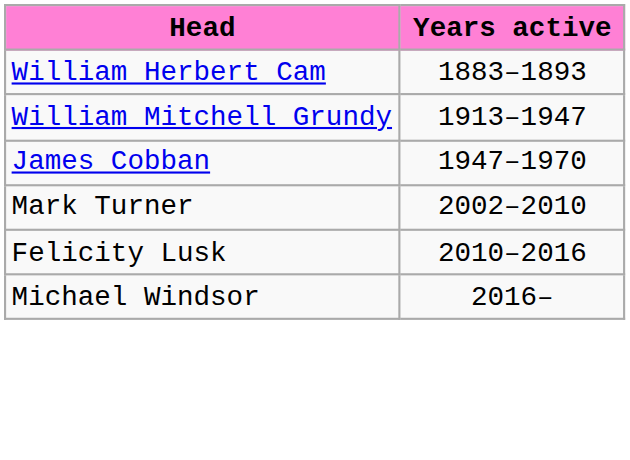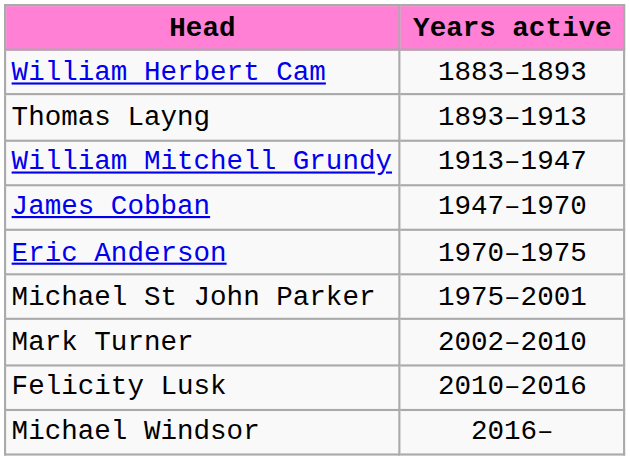 <table class="wikitable" style="font-size: 100%;">
 <tr>
 <th width=180 style="background: #ff80d5;">Head</th>
 <th width=100 style="background: #ff80d5;">Years active</th>
 </tr>
 <tr align=center>
 <td align="left"><a href='#'>William Herbert Cam</a></td>
 <td>1883–1893</td>
 </tr>
 <tr align=center>
+<td align="left">Thomas Layng</td>
+<td>1893–1913</td>
+</tr>
+<tr align=center>
 <td align="left"><a href='#'>William Mitchell Grundy</a></td>
 <td>1913–1947</td>
 </tr>
 <tr align=center>
 <td align="left"><a href='#'>James Cobban</a></td>
 <td>1947–1970</td>
+</tr>
+<tr align=center>
+<td align="left"><a href='#'>Eric Anderson</a></td>
+<td>1970–1975</td>
+</tr>
+<tr align=center>
+<td align="left">Michael St John Parker</td>
+<td>1975–2001</td>
 </tr>
 <tr align=center>
 <td align="left">Mark Turner</td>
 <td>2002–2010</td>
 </tr>
 <tr align=center>
 <td align="left">Felicity Lusk</td>
 <td>2010–2016</td>
 </tr>
 <tr align=center>
 <td align="left">Michael Windsor</td>
 <td>2016–</td>
 </tr>
 </table>
